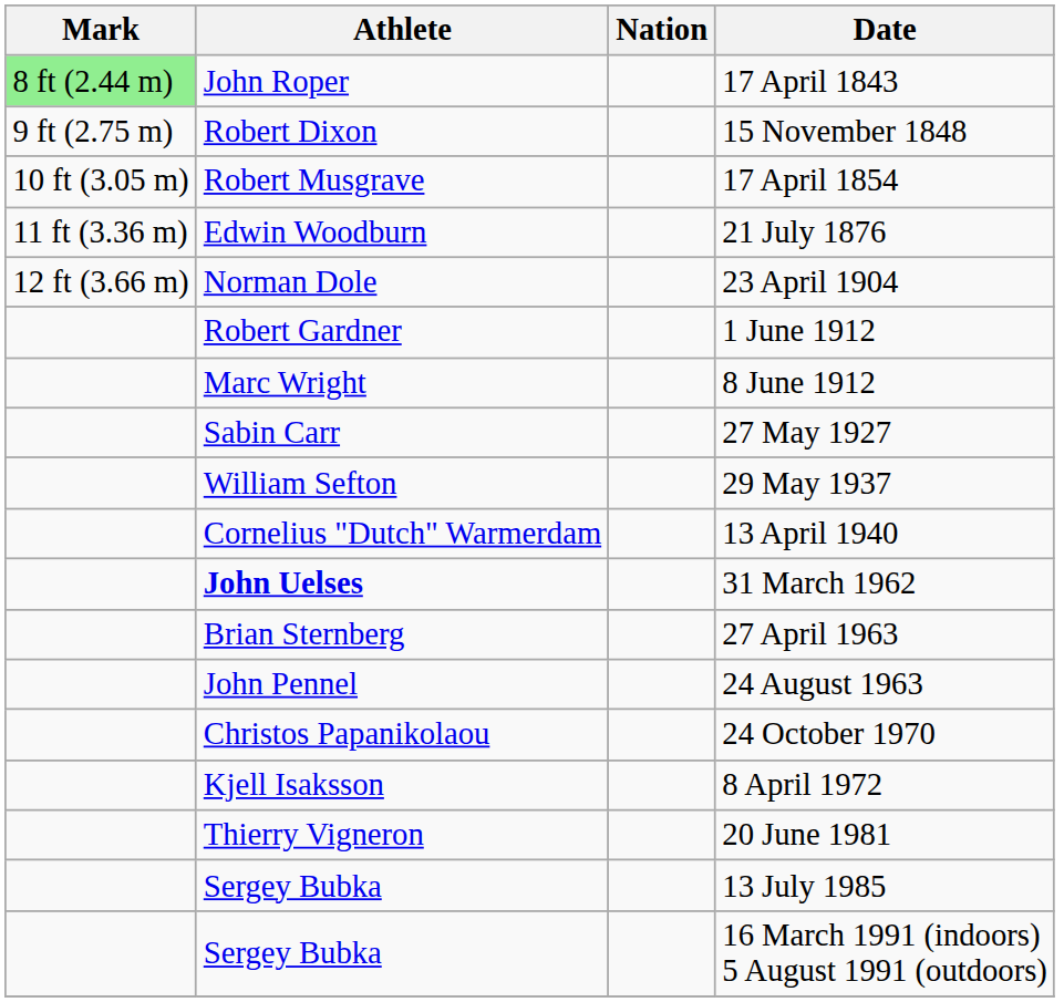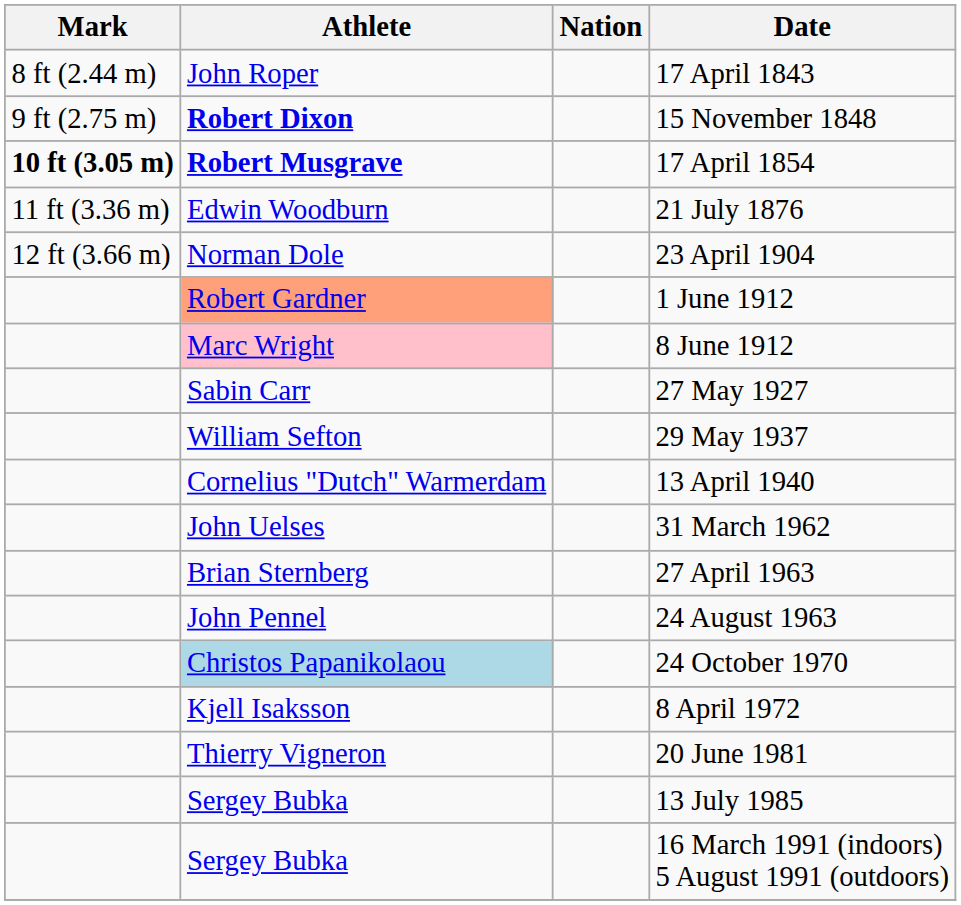 <table class="wikitable">
 <tr>
 <th>Mark</th>
 <th>Athlete</th>
 <th>Nation</th>
 <th>Date</th>
 </tr>
 <tr>
-<td style="background: lightgreen;">8 ft (2.44 m)</td>
+<td>8 ft (2.44 m)</td>
 <td><a href='#'>John Roper</a></td>
 <td></td>
 <td>17 April 1843</td>
 </tr>
 <tr>
 <td>9 ft (2.75 m)</td>
-<td><a href='#'>Robert Dixon</a></td>
+<td><strong><a href='#'>Robert Dixon</a></strong></td>
 <td></td>
 <td>15 November 1848</td>
 </tr>
 <tr>
-<td>10 ft (3.05 m)</td>
-<td><a href='#'>Robert Musgrave</a></td>
+<td><strong>10 ft (3.05 m)</strong></td>
+<td><strong><a href='#'>Robert Musgrave</a></strong></td>
 <td></td>
 <td>17 April 1854</td>
 </tr>
 <tr>
 <td>11 ft (3.36 m)</td>
 <td><a href='#'>Edwin Woodburn</a></td>
 <td></td>
 <td>21 July 1876</td>
 </tr>
 <tr>
 <td>12 ft (3.66 m)</td>
 <td><a href='#'>Norman Dole</a></td>
 <td></td>
 <td>23 April 1904</td>
 </tr>
 <tr>
 <td></td>
-<td><a href='#'>Robert Gardner</a></td>
+<td style="background: lightsalmon;"><a href='#'>Robert Gardner</a></td>
 <td></td>
 <td>1 June 1912</td>
 </tr>
 <tr>
 <td></td>
-<td><a href='#'>Marc Wright</a></td>
+<td style="background: pink;"><a href='#'>Marc Wright</a></td>
 <td></td>
 <td>8 June 1912</td>
 </tr>
 <tr>
 <td></td>
 <td><a href='#'>Sabin Carr</a></td>
 <td></td>
 <td>27 May 1927</td>
 </tr>
 <tr>
 <td></td>
 <td><a href='#'>William Sefton</a></td>
 <td></td>
 <td>29 May 1937</td>
 </tr>
 <tr>
 <td></td>
 <td><a href='#'>Cornelius "Dutch" Warmerdam</a></td>
 <td></td>
 <td>13 April 1940</td>
 </tr>
 <tr>
 <td></td>
-<td><strong><a href='#'>John Uelses</a></strong></td>
+<td><a href='#'>John Uelses</a></td>
 <td></td>
 <td>31 March 1962</td>
 </tr>
 <tr>
 <td></td>
 <td><a href='#'>Brian Sternberg</a></td>
 <td></td>
 <td>27 April 1963</td>
 </tr>
 <tr>
 <td></td>
 <td><a href='#'>John Pennel</a></td>
 <td></td>
 <td>24 August 1963</td>
 </tr>
 <tr>
 <td></td>
-<td><a href='#'>Christos Papanikolaou</a></td>
+<td style="background: lightblue;"><a href='#'>Christos Papanikolaou</a></td>
 <td></td>
 <td>24 October 1970</td>
 </tr>
 <tr>
 <td></td>
 <td><a href='#'>Kjell Isaksson</a></td>
 <td></td>
 <td>8 April 1972</td>
 </tr>
 <tr>
 <td></td>
 <td><a href='#'>Thierry Vigneron</a></td>
 <td></td>
 <td>20 June 1981</td>
 </tr>
 <tr>
 <td></td>
 <td><a href='#'>Sergey Bubka</a></td>
 <td></td>
 <td>13 July 1985</td>
 </tr>
 <tr>
 <td></td>
 <td><a href='#'>Sergey Bubka</a></td>
 <td></td>
 <td>16 March 1991 (indoors)<br>5 August 1991 (outdoors)</td>
 </tr>
 <tr>
 </tr>
 </table>
